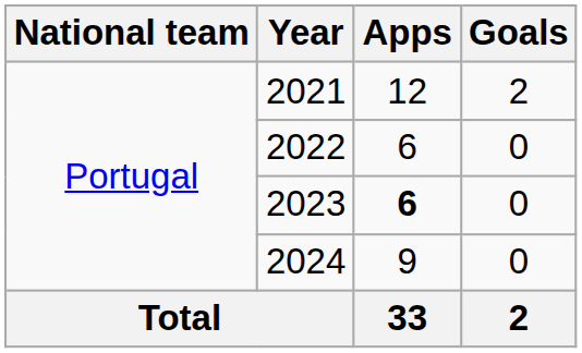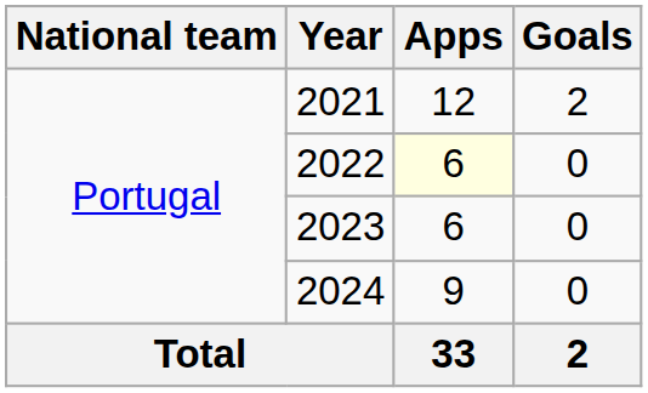 <table class=wikitable style="text-align: center">
 <tr>
 <th>National team</th>
 <th>Year</th>
 <th>Apps</th>
 <th>Goals</th>
 </tr>
 <tr>
 <td rowspan="4"><a href='#'>Portugal</a></td>
 <td>2021</td>
 <td>12</td>
 <td>2</td>
 </tr>
 <tr>
 <td>2022</td>
-<td>6</td>
+<td style="background: lightyellow;">6</td>
 <td>0</td>
 </tr>
 <tr>
 <td>2023</td>
-<td><strong>6</strong></td>
+<td>6</td>
 <td>0</td>
 </tr>
 <tr>
 <td>2024</td>
 <td>9</td>
 <td>0</td>
 </tr>
 <tr>
 <th colspan="2">Total</th>
 <th>33</th>
 <th>2</th>
 </tr>
 </table>
